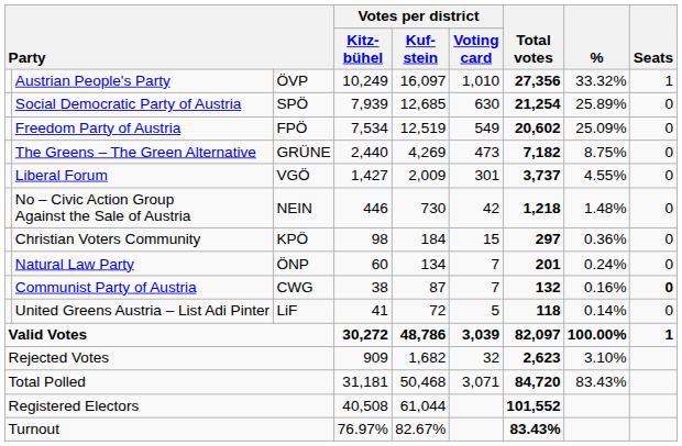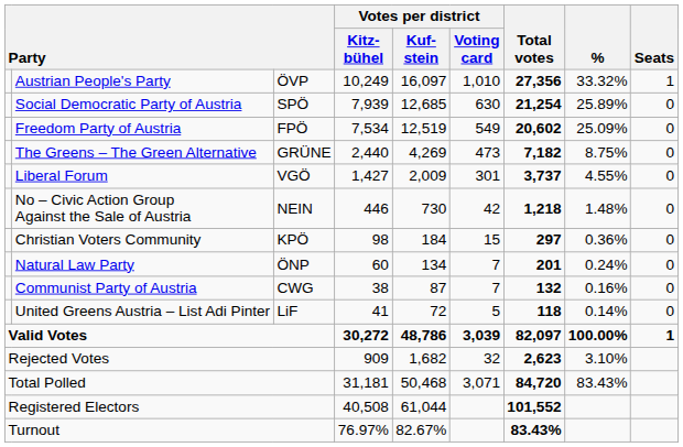 <table class="wikitable" border="1" style="text-align:right;">
 <tr>
 <th style="text-align:left;" valign=bottom rowspan=2 colspan=3>Party</th>
 <th colspan=3>Votes per district</th>
 <th align=center valign=bottom rowspan=2 width="50">Total<br>votes</th>
 <th align=center valign=bottom rowspan=2 width="50">%</th>
 <th align=center valign=bottom rowspan=2>Seats</th>
 </tr>
 <tr>
 <th align=center valign=bottom width="50"><a href='#'>Kitz-<br>bühel</a></th>
 <th align=center valign=bottom width="50"><a href='#'>Kuf-<br>stein</a></th>
 <th align=center valign=bottom width="50"><a href='#'>Voting<br>card</a></th>
 </tr>
 <tr>
 <td></td>
 <td align=left><a href='#'>Austrian People's Party</a></td>
 <td align=left>ÖVP</td>
 <td>10,249</td>
 <td>16,097</td>
 <td>1,010</td>
 <td><strong>27,356</strong></td>
 <td>33.32%</td>
 <td>1</td>
 </tr>
 <tr>
 <td></td>
 <td align=left><a href='#'>Social Democratic Party of Austria</a></td>
 <td align=left>SPÖ</td>
 <td>7,939</td>
 <td>12,685</td>
 <td>630</td>
 <td><strong>21,254</strong></td>
 <td>25.89%</td>
 <td>0</td>
 </tr>
 <tr>
 <td></td>
 <td align=left><a href='#'>Freedom Party of Austria</a></td>
 <td align=left>FPÖ</td>
 <td>7,534</td>
 <td>12,519</td>
 <td>549</td>
 <td><strong>20,602</strong></td>
 <td>25.09%</td>
 <td>0</td>
 </tr>
 <tr>
 <td></td>
 <td align=left style="white-space: nowrap;"><a href='#'>The Greens – The Green Alternative</a></td>
 <td align=left>GRÜNE</td>
 <td>2,440</td>
 <td>4,269</td>
 <td>473</td>
 <td><strong>7,182</strong></td>
 <td>8.75%</td>
 <td>0</td>
 </tr>
 <tr>
 <td></td>
 <td align=left><a href='#'>Liberal Forum</a></td>
 <td align=left>VGÖ</td>
 <td>1,427</td>
 <td>2,009</td>
 <td>301</td>
 <td><strong>3,737</strong></td>
 <td>4.55%</td>
 <td>0</td>
 </tr>
 <tr>
 <td></td>
 <td align=left>No – Civic Action Group<br>Against the Sale of Austria</td>
 <td align=left>NEIN</td>
 <td>446</td>
 <td>730</td>
 <td>42</td>
 <td><strong>1,218</strong></td>
 <td>1.48%</td>
 <td>0</td>
 </tr>
 <tr>
 <td></td>
 <td align=left>Christian Voters Community</td>
 <td align=left>KPÖ</td>
 <td>98</td>
 <td>184</td>
 <td>15</td>
 <td><strong>297</strong></td>
 <td>0.36%</td>
 <td>0</td>
 </tr>
 <tr>
 <td></td>
 <td align=left><a href='#'>Natural Law Party</a></td>
 <td align=left>ÖNP</td>
 <td>60</td>
 <td>134</td>
 <td>7</td>
 <td><strong>201</strong></td>
 <td>0.24%</td>
 <td>0</td>
 </tr>
 <tr>
 <td></td>
 <td align=left><a href='#'>Communist Party of Austria</a></td>
 <td align=left>CWG</td>
 <td>38</td>
 <td>87</td>
 <td>7</td>
 <td><strong>132</strong></td>
 <td>0.16%</td>
-<td><strong>0</strong></td>
+<td>0</td>
 </tr>
 <tr>
 <td></td>
 <td align=left>United Greens Austria – List Adi Pinter</td>
 <td align=left>LiF</td>
 <td>41</td>
 <td>72</td>
 <td>5</td>
 <td><strong>118</strong></td>
 <td>0.14%</td>
 <td>0</td>
 </tr>
 <tr style="font-weight:bold">
 <td align=left colspan=3>Valid Votes</td>
 <td>30,272</td>
 <td>48,786</td>
 <td>3,039</td>
 <td>82,097</td>
 <td>100.00%</td>
 <td>1</td>
 </tr>
 <tr>
 <td align=left colspan=3>Rejected Votes</td>
 <td>909</td>
 <td>1,682</td>
 <td>32</td>
 <td><strong>2,623</strong></td>
 <td>3.10%</td>
 <td></td>
 </tr>
 <tr>
 <td align=left colspan=3>Total Polled</td>
 <td>31,181</td>
 <td>50,468</td>
 <td>3,071</td>
 <td><strong>84,720</strong></td>
 <td>83.43%</td>
 <td></td>
 </tr>
 <tr>
 <td align=left colspan=3>Registered Electors</td>
 <td>40,508</td>
 <td>61,044</td>
 <td></td>
 <td><strong>101,552</strong></td>
 <td></td>
 <td></td>
 </tr>
 <tr>
 <td align=left colspan=3>Turnout</td>
 <td>76.97%</td>
 <td>82.67%</td>
 <td></td>
 <td><strong>83.43%</strong></td>
 <td></td>
 <td></td>
 </tr>
 </table>
